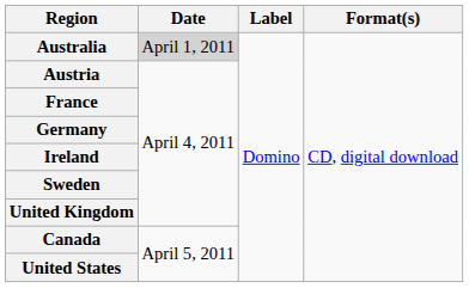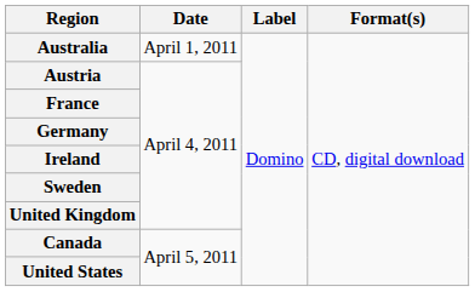 <table class="wikitable plainrowheaders">
 <tr>
 <th scope="col">Region</th>
 <th scope="col">Date</th>
 <th scope="col">Label</th>
 <th scope="col">Format(s)</th>
 </tr>
 <tr>
 <th scope="row">Australia</th>
-<td style="background: lightgrey;">April 1, 2011</td>
+<td>April 1, 2011</td>
 <td rowspan="9"><a href='#'>Domino</a></td>
 <td rowspan="9"><a href='#'>CD</a>, <a href='#'>digital download</a></td>
 </tr>
 <tr>
 <th scope="row">Austria</th>
 <td rowspan="6">April 4, 2011</td>
 </tr>
 <tr>
 <th scope="row">France</th>
 </tr>
 <tr>
 <th scope="row">Germany</th>
 </tr>
 <tr>
 <th scope="row">Ireland</th>
 </tr>
 <tr>
 <th scope="row">Sweden</th>
 </tr>
 <tr>
 <th scope="row">United Kingdom</th>
 </tr>
 <tr>
 <th scope="row">Canada </th>
 <td rowspan="2">April 5, 2011</td>
 </tr>
 <tr>
 <th scope="row">United States</th>
 </tr>
 </table>
